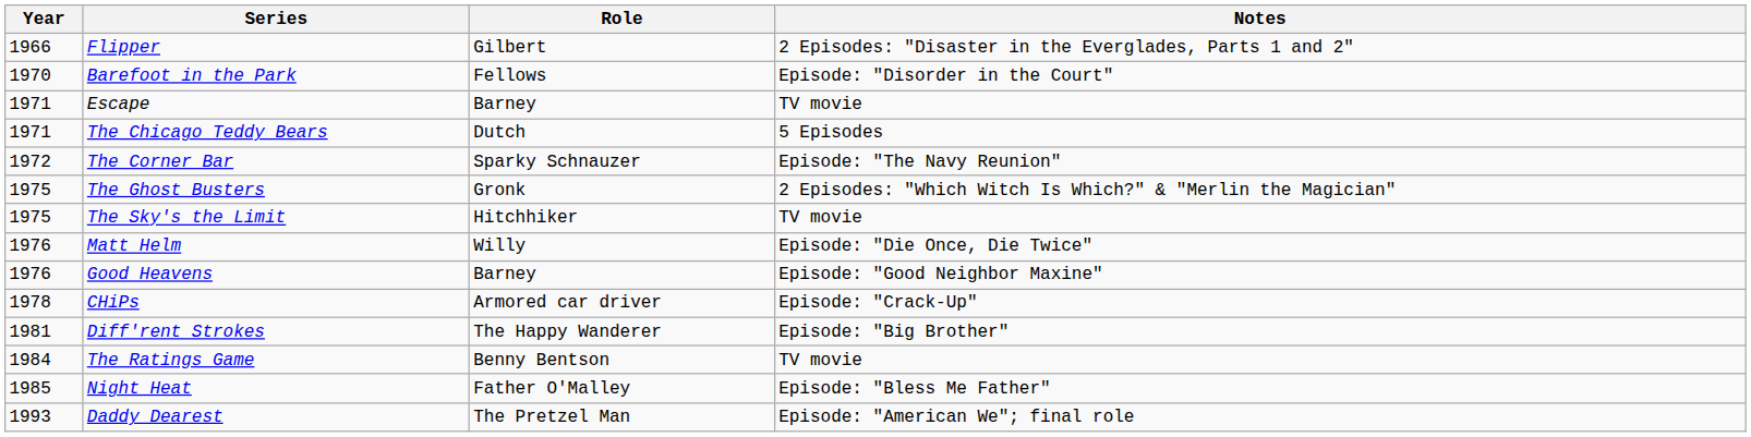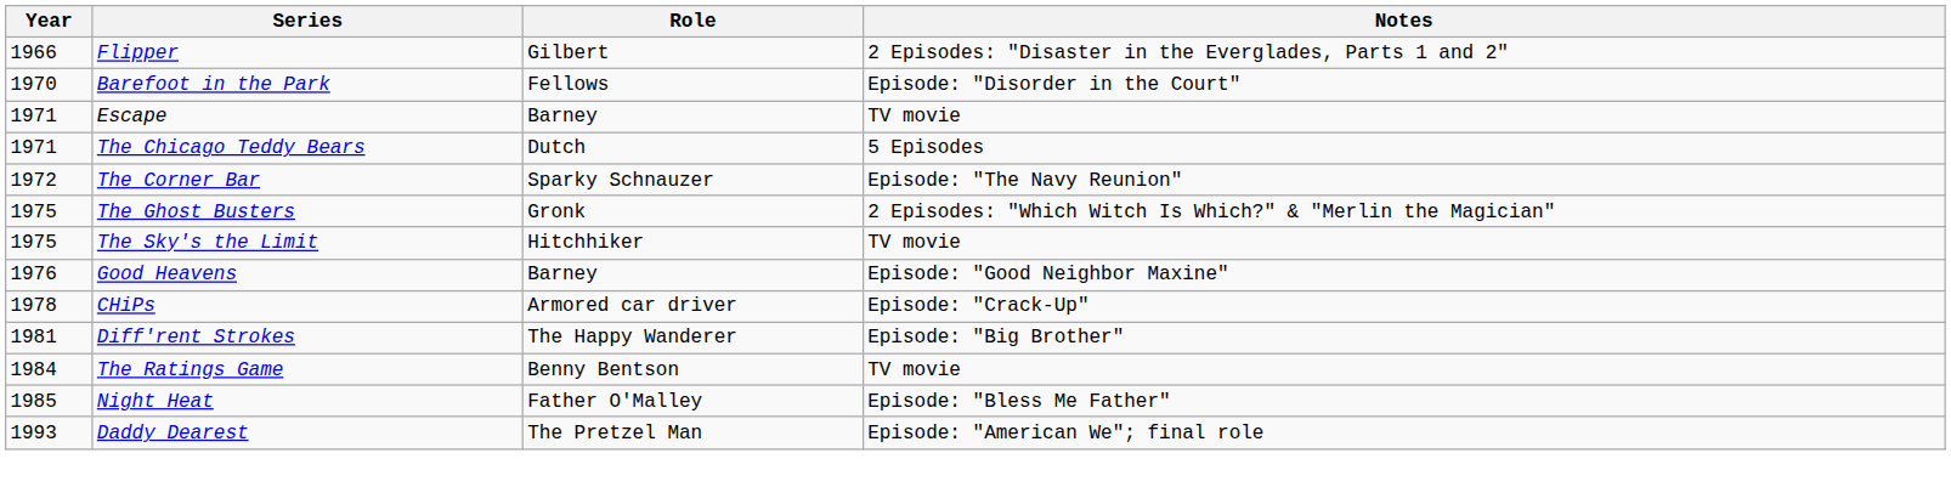 <table class="wikitable plainrowheaders sortable" style="width:82%;">
 <tr>
 <th>Year</th>
 <th>Series</th>
 <th>Role</th>
 <th>Notes</th>
 </tr>
 <tr>
 <td>1966</td>
 <td><em><a href='#'>Flipper</a></em></td>
 <td>Gilbert</td>
 <td>2 Episodes: "Disaster in the Everglades, Parts 1 and 2"</td>
 </tr>
 <tr>
 <td>1970</td>
 <td><em><a href='#'>Barefoot in the Park</a></em></td>
 <td>Fellows</td>
 <td>Episode: "Disorder in the Court"</td>
 </tr>
 <tr>
 <td>1971</td>
 <td><em>Escape</em></td>
 <td>Barney</td>
 <td>TV movie</td>
 </tr>
 <tr>
 <td>1971</td>
 <td><em><a href='#'>The Chicago Teddy Bears</a></em></td>
 <td>Dutch</td>
 <td>5 Episodes</td>
 </tr>
 <tr>
 <td>1972</td>
 <td><em><a href='#'>The Corner Bar</a></em></td>
 <td>Sparky Schnauzer</td>
 <td>Episode: "The Navy Reunion"</td>
 </tr>
 <tr>
 <td>1975</td>
 <td><em><a href='#'>The Ghost Busters</a></em></td>
 <td>Gronk</td>
 <td>2 Episodes: "Which Witch Is Which?" & "Merlin the Magician"</td>
 </tr>
 <tr>
 <td>1975</td>
 <td><em><a href='#'>The Sky's the Limit</a></em></td>
 <td>Hitchhiker</td>
 <td>TV movie</td>
 </tr>
 <tr>
 <td>1976</td>
-<td><em><a href='#'>Matt Helm</a></em></td>
-<td>Willy</td>
-<td>Episode: "Die Once, Die Twice"</td>
-</tr>
-<tr>
-<td>1976</td>
 <td><em><a href='#'>Good Heavens</a></em></td>
 <td>Barney</td>
 <td>Episode: "Good Neighbor Maxine"</td>
 </tr>
 <tr>
 <td>1978</td>
 <td><em><a href='#'>CHiPs</a></em></td>
 <td>Armored car driver</td>
 <td>Episode: "Crack-Up"</td>
 </tr>
 <tr>
 <td>1981</td>
 <td><em><a href='#'>Diff'rent Strokes</a></em></td>
 <td>The Happy Wanderer</td>
 <td>Episode: "Big Brother"</td>
 </tr>
 <tr>
 <td>1984</td>
 <td><em><a href='#'>The Ratings Game</a></em></td>
 <td>Benny Bentson</td>
 <td>TV movie</td>
 </tr>
 <tr>
 <td>1985</td>
 <td><em><a href='#'>Night Heat</a></em></td>
 <td>Father O'Malley</td>
 <td>Episode: "Bless Me Father"</td>
 </tr>
 <tr>
 <td>1993</td>
 <td><em><a href='#'>Daddy Dearest</a></em></td>
 <td>The Pretzel Man</td>
 <td>Episode: "American We"; final role</td>
 </tr>
 </table>
